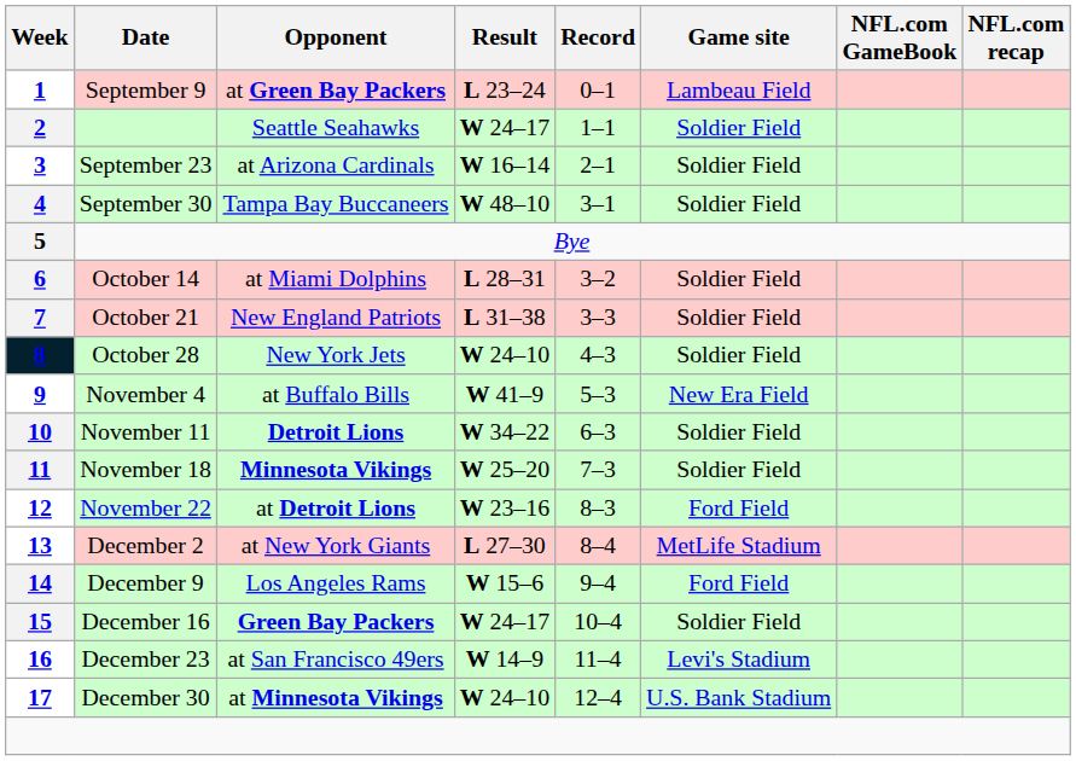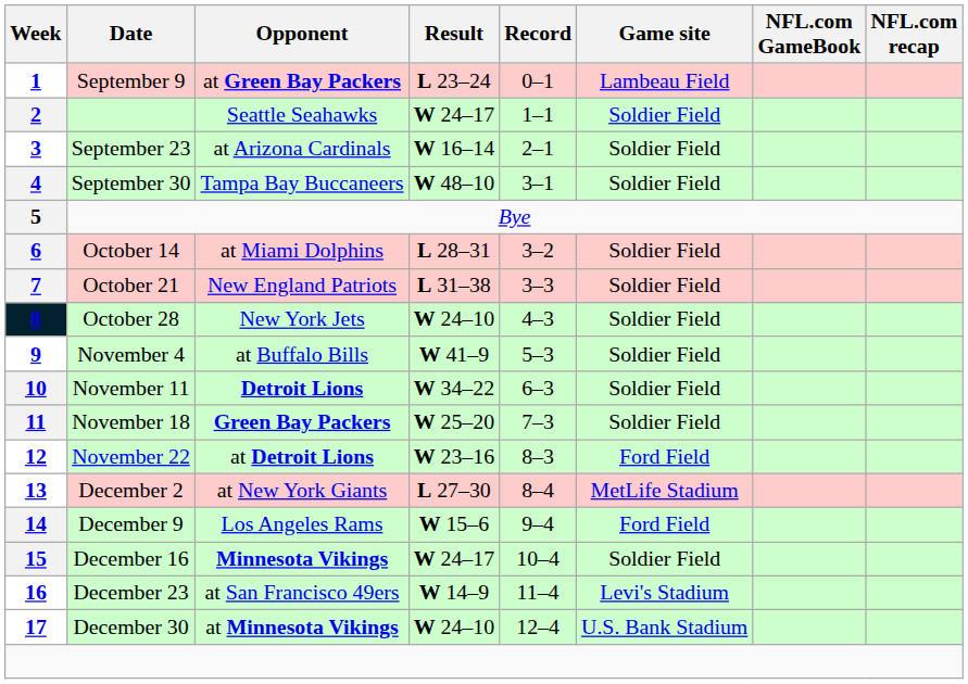 <table class="wikitable" style="text-align:center">
 <tr>
 <th>Week</th>
 <th>Date</th>
 <th>Opponent</th>
 <th>Result</th>
 <th>Record</th>
 <th>Game site</th>
 <th>NFL.com<br>GameBook</th>
 <th>NFL.com<br>recap</th>
 </tr>
 <tr style="background:#fcc">
 <th style="background:white; color:#03202F"><a href='#'><span>1</span></a></th>
 <td>September 9</td>
 <td>at <strong><a href='#'>Green Bay Packers</a></strong></td>
 <td><strong>L</strong> 23–24</td>
 <td>0–1</td>
 <td><a href='#'>Lambeau Field</a></td>
 <td> </td>
 <td></td>
 </tr>
 <tr style="background:#cfc">
 <th><a href='#'><span>2</span></a></th>
 <td></td>
 <td><a href='#'>Seattle Seahawks</a></td>
 <td><strong>W</strong> 24–17</td>
 <td>1–1</td>
 <td><a href='#'>Soldier Field</a></td>
 <td> </td>
 <td></td>
 </tr>
 <tr style="background:#cfc">
 <th style="background:white; color:#03202F"><a href='#'><span>3</span></a></th>
 <td>September 23</td>
 <td>at <a href='#'>Arizona Cardinals</a></td>
 <td><strong>W</strong> 16–14</td>
 <td>2–1</td>
 <td>Soldier Field</td>
 <td> </td>
 <td></td>
 </tr>
 <tr style="background:#cfc">
 <th><a href='#'><span>4</span></a></th>
 <td>September 30</td>
 <td><a href='#'>Tampa Bay Buccaneers</a></td>
 <td><strong>W</strong> 48–10</td>
 <td>3–1</td>
 <td>Soldier Field</td>
 <td> </td>
 <td></td>
 </tr>
 <tr>
 <th>5</th>
 <td colspan=7><em><a href='#'>Bye</a></em></td>
 </tr>
 <tr style="background:#fcc">
 <th><a href='#'><span>6</span></a></th>
 <td>October 14</td>
 <td>at <a href='#'>Miami Dolphins</a></td>
 <td><strong>L</strong> 28–31 </td>
 <td>3–2</td>
 <td>Soldier Field</td>
 <td></td>
 <td></td>
 </tr>
 <tr style="background:#fcc">
 <th><a href='#'><span>7</span></a></th>
 <td>October 21</td>
 <td><a href='#'>New England Patriots</a></td>
 <td><strong>L</strong> 31–38</td>
 <td>3–3</td>
 <td>Soldier Field</td>
 <td></td>
 <td></td>
 </tr>
 <tr style="background:#cfc">
 <th style="background:#03202F; color:#df6108"><a href='#'><span>8</span></a></th>
 <td>October 28</td>
 <td><a href='#'>New York Jets</a></td>
 <td><strong>W</strong> 24–10</td>
 <td>4–3</td>
 <td>Soldier Field</td>
 <td></td>
 <td></td>
 </tr>
 <tr style="background:#cfc">
 <th style="background:white; color:#03202F"><a href='#'><span>9</span></a></th>
 <td>November 4</td>
 <td>at <a href='#'>Buffalo Bills</a></td>
 <td><strong>W</strong> 41–9</td>
 <td>5–3</td>
-<td><a href='#'>New Era Field</a></td>
+<td>Soldier Field</td>
 <td></td>
 <td></td>
 </tr>
 <tr style="background:#cfc">
 <th><a href='#'><span>10</span></a></th>
 <td>November 11</td>
 <td><strong><a href='#'>Detroit Lions</a></strong></td>
 <td><strong>W</strong> 34–22</td>
 <td>6–3</td>
 <td>Soldier Field</td>
 <td></td>
 <td></td>
 </tr>
 <tr style="background:#cfc">
 <th><a href='#'><span>11</span></a></th>
 <td>November 18</td>
-<td><strong><a href='#'>Minnesota Vikings</a></strong></td>
+<td><strong><a href='#'>Green Bay Packers</a></strong></td>
 <td><strong>W</strong> 25–20</td>
 <td>7–3</td>
 <td>Soldier Field</td>
 <td></td>
 <td></td>
 </tr>
 <tr style="background:#cfc">
 <th style="background:white; color:#03202F"><a href='#'><span>12</span></a></th>
 <td><a href='#'>November 22</a></td>
 <td>at <strong><a href='#'>Detroit Lions</a></strong></td>
 <td><strong>W</strong> 23–16</td>
 <td>8–3</td>
 <td><a href='#'>Ford Field</a></td>
 <td></td>
 <td></td>
 </tr>
 <tr style="background:#fcc">
 <th style="background:white; color:#03202F"><a href='#'><span>13</span></a></th>
 <td>December 2</td>
 <td>at <a href='#'>New York Giants</a></td>
 <td><strong>L</strong> 27–30 </td>
 <td>8–4</td>
 <td><a href='#'>MetLife Stadium</a></td>
 <td></td>
 <td></td>
 </tr>
 <tr style="background:#cfc">
 <th><a href='#'><span>14</span></a></th>
 <td>December 9</td>
 <td><a href='#'>Los Angeles Rams</a></td>
 <td><strong>W</strong> 15–6</td>
 <td>9–4</td>
 <td><a href='#'>Ford Field</a></td>
 <td></td>
 <td></td>
 </tr>
 <tr style="background:#cfc">
 <th><a href='#'><span>15</span></a></th>
 <td>December 16</td>
-<td><strong><a href='#'>Green Bay Packers</a></strong></td>
+<td><strong><a href='#'>Minnesota Vikings</a></strong></td>
 <td><strong>W</strong> 24–17</td>
 <td>10–4</td>
 <td>Soldier Field</td>
 <td> </td>
 <td></td>
 </tr>
 <tr style="background:#cfc">
 <th style="background:white; color:#03202F"><a href='#'><span>16</span></a></th>
 <td>December 23</td>
 <td>at <a href='#'>San Francisco 49ers</a></td>
 <td><strong>W</strong> 14–9</td>
 <td>11–4</td>
 <td><a href='#'>Levi's Stadium</a></td>
 <td></td>
 <td></td>
 </tr>
 <tr style="background:#cfc">
 <th style="background:white; color:#03202F"><a href='#'><span>17</span></a></th>
 <td>December 30</td>
 <td>at <strong><a href='#'>Minnesota Vikings</a></strong></td>
 <td><strong>W</strong> 24–10</td>
 <td>12–4</td>
 <td><a href='#'>U.S. Bank Stadium</a></td>
 <td></td>
 <td></td>
 </tr>
 <tr>
 <td colspan=8><br></td>
 </tr>
 </table>
